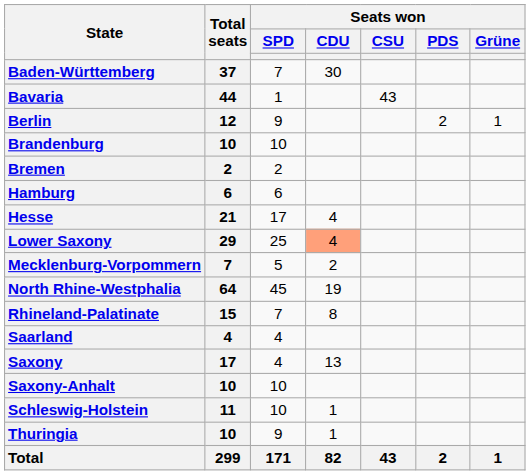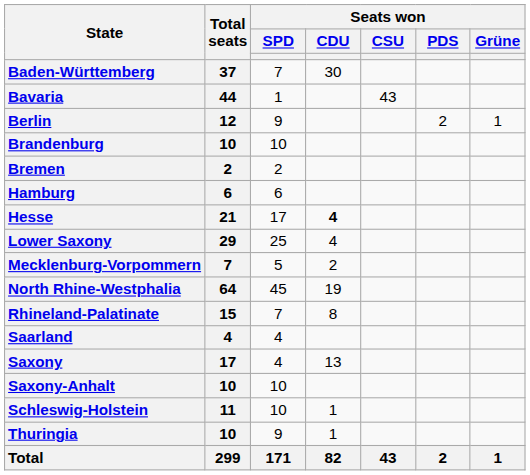 <table class="wikitable" style="text-align:center; font-size: 0.9em;">
 <tr>
 <th rowspan="3">State</th>
 <th rowspan="3">Total<br>seats</th>
 <th colspan="5">Seats won</th>
 </tr>
 <tr>
 <th class="unsortable" style="width:45px;"><a href='#'>SPD</a></th>
 <th class="unsortable" style="width:45px;"><a href='#'>CDU</a></th>
 <th class="unsortable" style="width:45px;"><a href='#'>CSU</a></th>
 <th class="unsortable" style="width:45px;"><a href='#'>PDS</a></th>
 <th class="unsortable" style="width:45px;"><a href='#'>Grüne</a></th>
 </tr>
 <tr>
 <th style="background:"></th>
 <th style="background:"></th>
 <th style="background:"></th>
 <th style="background:"></th>
 <th style="background:"></th>
 </tr>
 <tr>
 <th style="text-align: left;"><a href='#'>Baden-Württemberg</a></th>
 <th>37</th>
 <td>7</td>
 <td>30</td>
 <td></td>
 <td></td>
 <td></td>
 </tr>
 <tr>
 <th style="text-align: left;"><a href='#'>Bavaria</a></th>
 <th>44</th>
 <td>1</td>
 <td></td>
 <td>43</td>
 <td></td>
 <td></td>
 </tr>
 <tr>
 <th style="text-align: left;"><a href='#'>Berlin</a></th>
 <th>12</th>
 <td>9</td>
 <td></td>
 <td></td>
 <td>2</td>
 <td>1</td>
 </tr>
 <tr>
 <th style="text-align: left;"><a href='#'>Brandenburg</a></th>
 <th>10</th>
 <td>10</td>
 <td></td>
 <td></td>
 <td></td>
 <td></td>
 </tr>
 <tr>
 <th style="text-align: left;"><a href='#'>Bremen</a></th>
 <th>2</th>
 <td>2</td>
 <td></td>
 <td></td>
 <td></td>
 <td></td>
 </tr>
 <tr>
 <th style="text-align: left;"><a href='#'>Hamburg</a></th>
 <th>6</th>
 <td>6</td>
 <td></td>
 <td></td>
 <td></td>
 <td></td>
 </tr>
 <tr>
 <th style="text-align: left;"><a href='#'>Hesse</a></th>
 <th>21</th>
 <td>17</td>
-<td>4</td>
+<td><strong>4</strong></td>
 <td></td>
 <td></td>
 <td></td>
 </tr>
 <tr>
 <th style="text-align: left;"><a href='#'>Lower Saxony</a></th>
 <th>29</th>
 <td>25</td>
-<td style="background: lightsalmon;">4</td>
+<td>4</td>
 <td></td>
 <td></td>
 <td></td>
 </tr>
 <tr>
 <th style="text-align: left;"><a href='#'>Mecklenburg-Vorpommern</a></th>
 <th>7</th>
 <td>5</td>
 <td>2</td>
 <td></td>
 <td></td>
 <td></td>
 </tr>
 <tr>
 <th style="text-align: left;"><a href='#'>North Rhine-Westphalia</a></th>
 <th>64</th>
 <td>45</td>
 <td>19</td>
 <td></td>
 <td></td>
 <td></td>
 </tr>
 <tr>
 <th style="text-align: left;"><a href='#'>Rhineland-Palatinate</a></th>
 <th>15</th>
 <td>7</td>
 <td>8</td>
 <td></td>
 <td></td>
 <td></td>
 </tr>
 <tr>
 <th style="text-align: left;"><a href='#'>Saarland</a></th>
 <th>4</th>
 <td>4</td>
 <td></td>
 <td></td>
 <td></td>
 <td></td>
 </tr>
 <tr>
 <th style="text-align: left;"><a href='#'>Saxony</a></th>
 <th>17</th>
 <td>4</td>
 <td>13</td>
 <td></td>
 <td></td>
 <td></td>
 </tr>
 <tr>
 <th style="text-align: left;"><a href='#'>Saxony-Anhalt</a></th>
 <th>10</th>
 <td>10</td>
 <td></td>
 <td></td>
 <td></td>
 <td></td>
 </tr>
 <tr>
 <th style="text-align: left;"><a href='#'>Schleswig-Holstein</a></th>
 <th>11</th>
 <td>10</td>
 <td>1</td>
 <td></td>
 <td></td>
 <td></td>
 </tr>
 <tr>
 <th style="text-align: left;"><a href='#'>Thuringia</a></th>
 <th>10</th>
 <td>9</td>
 <td>1</td>
 <td></td>
 <td></td>
 <td></td>
 </tr>
 <tr class="sortbottom">
 <th style="text-align: left;">Total</th>
 <th>299</th>
 <th>171</th>
 <th>82</th>
 <th>43</th>
 <th>2</th>
 <th>1</th>
 </tr>
 </table>
